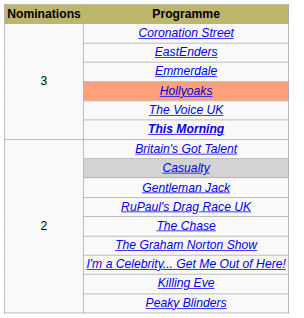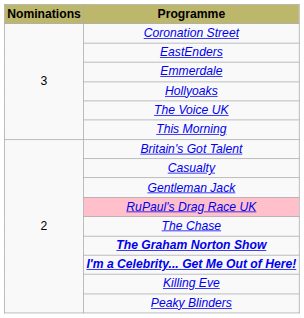 <table class="wikitable" style="text-align:center;">
 <tr>
 <th style="background:#BDB76B;">Nominations</th>
 <th style="background:#BDB76B;">Programme</th>
 </tr>
 <tr>
 <td rowspan="6">3</td>
 <td><em><a href='#'>Coronation Street</a></em></td>
 </tr>
 <tr>
 <td><em><a href='#'>EastEnders</a></em></td>
 </tr>
 <tr>
 <td><em><a href='#'>Emmerdale</a></em></td>
 </tr>
 <tr>
-<td style="background: lightsalmon;"><em><a href='#'>Hollyoaks</a></em></td>
+<td><em><a href='#'>Hollyoaks</a></em></td>
 </tr>
 <tr>
 <td><em><a href='#'>The Voice UK</a></em></td>
 </tr>
 <tr>
-<td><strong><em><a href='#'>This Morning</a></em></strong></td>
+<td><em><a href='#'>This Morning</a></em></td>
 </tr>
 <tr>
 <td rowspan="9">2</td>
 <td><em><a href='#'>Britain's Got Talent</a></em></td>
 </tr>
 <tr>
-<td style="background: lightgrey;"><em><a href='#'>Casualty</a></em></td>
+<td><em><a href='#'>Casualty</a></em></td>
 </tr>
 <tr>
 <td><em><a href='#'>Gentleman Jack</a></em></td>
 </tr>
 <tr>
-<td><em><a href='#'>RuPaul's Drag Race UK</a></em></td>
+<td style="background: pink;"><em><a href='#'>RuPaul's Drag Race UK</a></em></td>
 </tr>
 <tr>
 <td><em><a href='#'>The Chase</a></em></td>
 </tr>
 <tr>
-<td><em><a href='#'>The Graham Norton Show</a></em></td>
+<td><strong><em><a href='#'>The Graham Norton Show</a></em></strong></td>
 </tr>
 <tr>
-<td><em><a href='#'>I'm a Celebrity... Get Me Out of Here!</a></em></td>
+<td><strong><em><a href='#'>I'm a Celebrity... Get Me Out of Here!</a></em></strong></td>
 </tr>
 <tr>
 <td><em><a href='#'>Killing Eve</a></em></td>
 </tr>
 <tr>
 <td><em><a href='#'>Peaky Blinders</a></em></td>
 </tr>
 </table>
